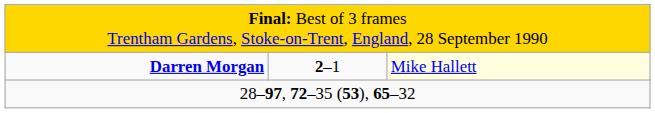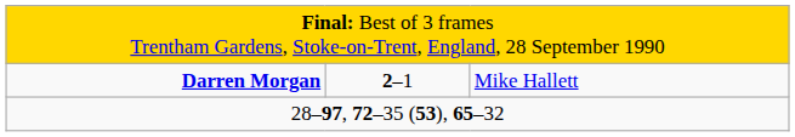 <table class="wikitable" style="font-size: 95%; margin: 1em auto 1em auto;">
 <tr>
 <td colspan="3" align="center" bgcolor="#ffd700"><strong>Final:</strong> Best of 3 frames<br><a href='#'>Trentham Gardens</a>, <a href='#'>Stoke-on-Trent</a>, <a href='#'>England</a>, 28 September 1990</td>
 </tr>
 <tr>
 <td width="230" align="right"><strong><a href='#'>Darren Morgan</a></strong> <br></td>
 <td width="100" align="center"><strong>2</strong>–1</td>
-<td width="230" style="background: lightyellow;"><a href='#'>Mike Hallett</a> <br></td>
+<td width="230"><a href='#'>Mike Hallett</a> <br></td>
 </tr>
 <tr>
 <td colspan="3" align="center" style="font-size: 100%">28–<strong>97</strong>, <strong>72</strong>–35 (<strong>53</strong>), <strong>65</strong>–32</td>
 </tr>
 </table>
